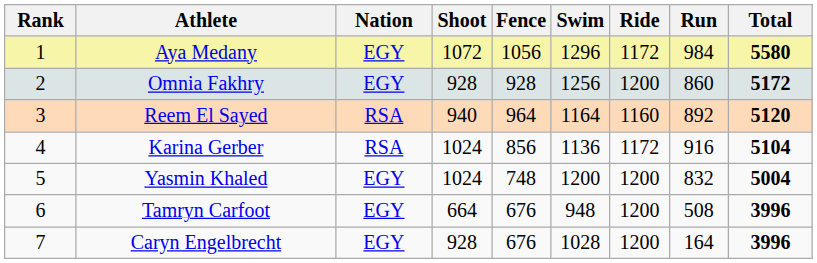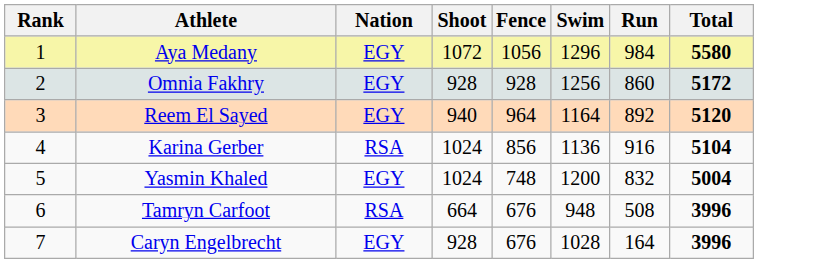 <table class=wikitable style="text_align:center">
 <tr>
 <th width=50>Rank</th>
 <th width=200>Athlete</th>
 <th width=70>Nation</th>
 <th width=40>Shoot</th>
 <th width=40>Fence</th>
 <th width=40>Swim</th>
-<th width=40>Ride</th>
 <th width=40>Run</th>
 <th width=60>Total</th>
 </tr>
 <tr align="center" bgcolor="#F7F6A8">
 <td>1</td>
 <td><a href='#'>Aya Medany</a></td>
 <td> <a href='#'>EGY</a></td>
 <td>1072</td>
 <td>1056</td>
 <td>1296</td>
-<td>1172</td>
 <td>984</td>
 <td><strong>5580</strong></td>
 </tr>
 <tr align="center" bgcolor="#DCE5E5">
 <td>2</td>
 <td><a href='#'>Omnia Fakhry</a></td>
 <td> <a href='#'>EGY</a></td>
 <td>928</td>
 <td>928</td>
 <td>1256</td>
-<td>1200</td>
 <td>860</td>
 <td><strong>5172</strong></td>
 </tr>
 <tr align="center" bgcolor="#FFDAB9">
 <td>3</td>
 <td><a href='#'>Reem El Sayed</a></td>
-<td> <a href='#'>RSA</a></td>
+<td> <a href='#'>EGY</a></td>
 <td>940</td>
 <td>964</td>
 <td>1164</td>
-<td>1160</td>
 <td>892</td>
 <td><strong>5120</strong></td>
 </tr>
 <tr align="center">
 <td>4</td>
 <td><a href='#'>Karina Gerber</a></td>
 <td> <a href='#'>RSA</a></td>
 <td>1024</td>
 <td>856</td>
 <td>1136</td>
-<td>1172</td>
 <td>916</td>
 <td><strong>5104</strong></td>
 </tr>
 <tr align="center">
 <td>5</td>
 <td><a href='#'>Yasmin Khaled</a></td>
 <td> <a href='#'>EGY</a></td>
 <td>1024</td>
 <td>748</td>
 <td>1200</td>
-<td>1200</td>
 <td>832</td>
 <td><strong>5004</strong></td>
 </tr>
 <tr align="center">
 <td>6</td>
 <td><a href='#'>Tamryn Carfoot</a></td>
-<td> <a href='#'>EGY</a></td>
+<td> <a href='#'>RSA</a></td>
 <td>664</td>
 <td>676</td>
 <td>948</td>
-<td>1200</td>
 <td>508</td>
 <td><strong>3996</strong></td>
 </tr>
 <tr align="center">
 <td>7</td>
 <td><a href='#'>Caryn Engelbrecht</a></td>
 <td> <a href='#'>EGY</a></td>
 <td>928</td>
 <td>676</td>
 <td>1028</td>
-<td>1200</td>
 <td>164</td>
 <td><strong>3996</strong></td>
 </tr>
 </table>
